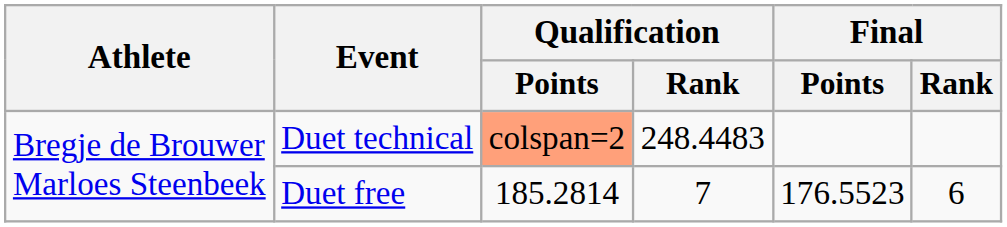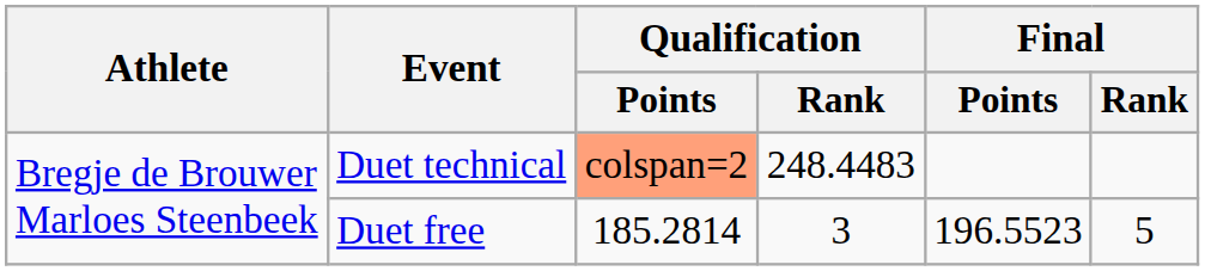 <table class="wikitable" style="font-size:90%">
 <tr>
 <th rowspan=2>Athlete</th>
 <th rowspan=2>Event</th>
 <th colspan=2>Qualification</th>
 <th colspan=2>Final</th>
 </tr>
 <tr style="font-size:95%">
 <th>Points</th>
 <th>Rank</th>
 <th>Points</th>
 <th>Rank</th>
 </tr>
 <tr align=center>
 <td align=left rowspan="2"><a href='#'>Bregje de Brouwer</a><br><a href='#'>Marloes Steenbeek</a></td>
 <td align=left><a href='#'>Duet technical</a></td>
 <td style="background: lightsalmon;">colspan=2 </td>
 <td>248.4483</td>
 <td></td>
 </tr>
 <tr align=center>
 <td align=left><a href='#'>Duet free</a></td>
 <td>185.2814</td>
-<td>7</td>
-<td>176.5523</td>
-<td>6</td>
+<td>3</td>
+<td>196.5523</td>
+<td>5</td>
 </tr>
 </table>
